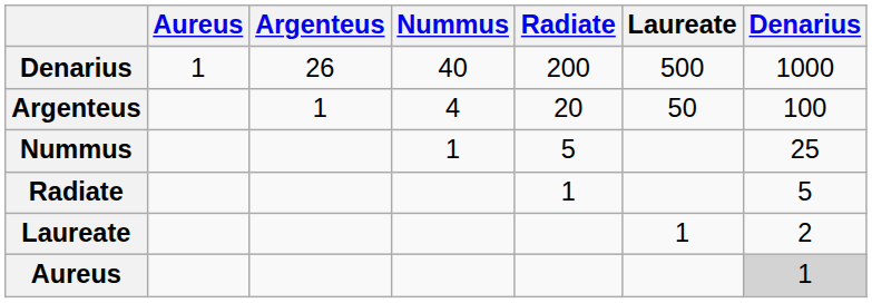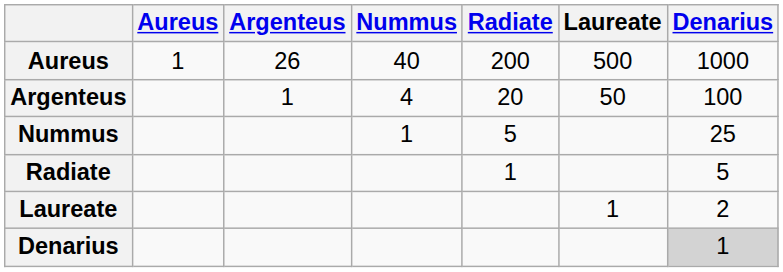 <table class="wikitable" style="text-align:center">
 <tr>
 <th></th>
 <th><a href='#'>Aureus</a></th>
 <th><a href='#'>Argenteus</a></th>
 <th><a href='#'>Nummus</a></th>
 <th><a href='#'>Radiate</a></th>
 <th>Laureate</th>
 <th><a href='#'>Denarius</a></th>
 </tr>
 <tr>
-<th>Denarius</th>
+<th>Aureus</th>
 <td>1</td>
 <td>26</td>
 <td>40</td>
 <td>200</td>
 <td>500</td>
 <td>1000</td>
 </tr>
 <tr>
 <th>Argenteus</th>
 <td></td>
 <td>1</td>
 <td>4</td>
 <td>20</td>
 <td>50</td>
 <td>100</td>
 </tr>
 <tr>
 <th>Nummus</th>
 <td></td>
 <td></td>
 <td>1</td>
 <td>5</td>
 <td></td>
 <td>25</td>
 </tr>
 <tr>
 <th>Radiate</th>
 <td></td>
 <td></td>
 <td></td>
 <td>1</td>
 <td></td>
 <td>5</td>
 </tr>
 <tr>
 <th>Laureate</th>
 <td></td>
 <td></td>
 <td></td>
 <td></td>
 <td>1</td>
 <td>2</td>
 </tr>
 <tr>
-<th>Aureus</th>
+<th>Denarius</th>
 <td></td>
 <td></td>
 <td></td>
 <td></td>
 <td></td>
 <td style="background: lightgrey;">1</td>
 </tr>
 </table>
